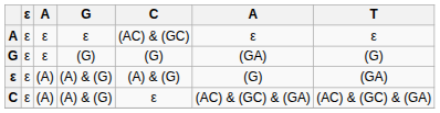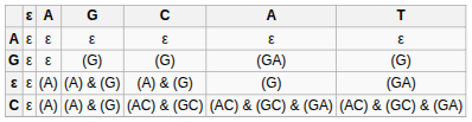 <table class="wikitable" style="text-align:center">
 <tr>
 <th></th>
 <th>ε</th>
 <th>A</th>
 <th>G</th>
 <th>C</th>
 <th>A</th>
 <th>T</th>
 </tr>
 <tr>
 <th>A</th>
 <td>ε</td>
 <td>ε</td>
 <td>ε</td>
-<td>(AC) & (GC)</td>
+<td>ε</td>
 <td>ε</td>
 <td>ε</td>
 </tr>
 <tr>
 <th>G</th>
 <td>ε</td>
 <td>ε</td>
 <td>(G)</td>
 <td>(G)</td>
 <td>(GA)</td>
 <td>(G)</td>
 </tr>
 <tr>
 <th>ε</th>
 <td>ε</td>
 <td>(A)</td>
 <td>(A) & (G)</td>
 <td>(A) & (G)</td>
 <td>(G)</td>
 <td>(GA)</td>
 </tr>
 <tr>
 <th>C</th>
 <td>ε</td>
 <td>(A)</td>
 <td>(A) & (G)</td>
-<td>ε</td>
+<td>(AC) & (GC)</td>
 <td>(AC) & (GC) & (GA)</td>
 <td>(AC) & (GC) & (GA)</td>
 </tr>
 <tr>
 </tr>
 </table>
